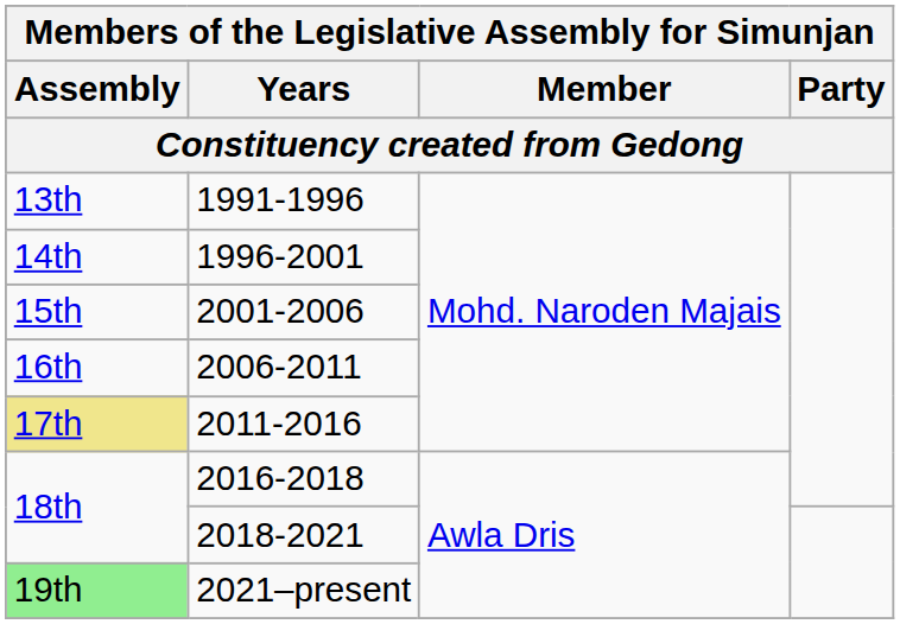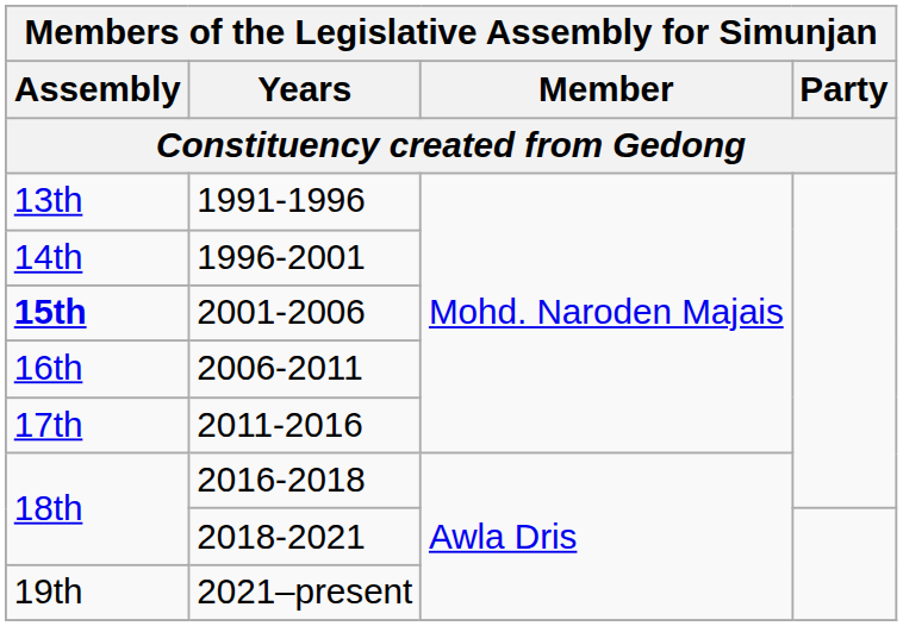 <table class=wikitable>
 <tr>
 <th colspan="4">Members of the Legislative Assembly for Simunjan</th>
 </tr>
 <tr>
 <th>Assembly</th>
 <th>Years</th>
 <th>Member</th>
 <th>Party</th>
 </tr>
 <tr>
 <th colspan=4 align=center><em>Constituency created from Gedong</em></th>
 </tr>
 <tr>
 <td><a href='#'>13th</a></td>
 <td>1991-1996</td>
 <td rowspan=5><a href='#'>Mohd. Naroden Majais</a></td>
 <td rowspan=6></td>
 </tr>
 <tr>
 <td><a href='#'>14th</a></td>
 <td>1996-2001</td>
 </tr>
 <tr>
-<td><a href='#'>15th</a></td>
+<td><strong><a href='#'>15th</a></strong></td>
 <td>2001-2006</td>
 </tr>
 <tr>
 <td><a href='#'>16th</a></td>
 <td>2006-2011</td>
 </tr>
 <tr>
-<td style="background: khaki;"><a href='#'>17th</a></td>
+<td><a href='#'>17th</a></td>
 <td>2011-2016</td>
 </tr>
 <tr>
 <td rowspan="2"><a href='#'>18th</a></td>
 <td>2016-2018</td>
 <td rowspan="3"><a href='#'>Awla Dris</a></td>
 </tr>
 <tr>
 <td>2018-2021</td>
 <td rowspan=2></td>
 </tr>
 <tr>
-<td style="background: lightgreen;">19th</td>
+<td>19th</td>
 <td>2021–present</td>
 </tr>
 </table>
